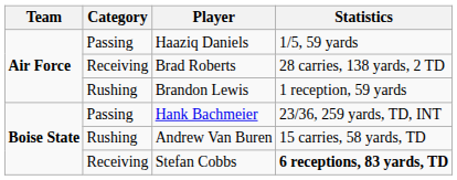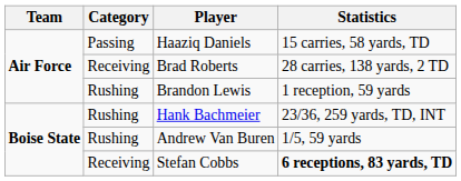 <table class="wikitable" style="float: left;">
 <tr>
 <th>Team</th>
 <th>Category</th>
 <th>Player</th>
 <th>Statistics</th>
 </tr>
 <tr>
 <td rowspan=3><strong>Air Force</strong></td>
 <td>Passing</td>
 <td>Haaziq Daniels</td>
-<td>1/5, 59 yards</td>
+<td>15 carries, 58 yards, TD</td>
 </tr>
 <tr>
 <td>Receiving</td>
 <td>Brad Roberts</td>
 <td>28 carries, 138 yards, 2 TD</td>
 </tr>
 <tr>
 <td>Rushing</td>
 <td>Brandon Lewis</td>
 <td>1 reception, 59 yards</td>
 </tr>
 <tr>
 <td rowspan=3><strong>Boise State</strong></td>
-<td>Passing</td>
+<td>Rushing</td>
 <td><a href='#'>Hank Bachmeier</a></td>
 <td>23/36, 259 yards, TD, INT</td>
 </tr>
 <tr>
 <td>Rushing</td>
 <td>Andrew Van Buren</td>
-<td>15 carries, 58 yards, TD</td>
+<td>1/5, 59 yards</td>
 </tr>
 <tr>
 <td>Receiving</td>
 <td>Stefan Cobbs</td>
 <td><strong>6 receptions, 83 yards, TD</strong></td>
 </tr>
 </table>
